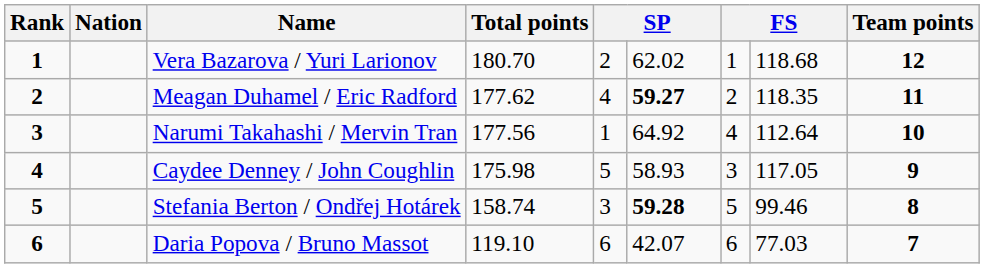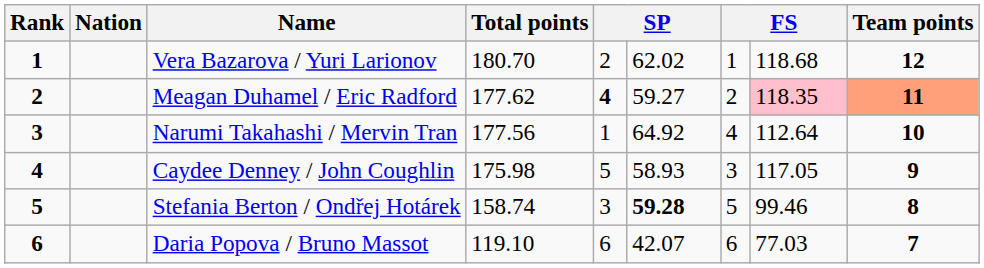 <table class="wikitable sortable">
 <tr>
 <th>Rank</th>
 <th>Nation</th>
 <th>Name</th>
 <th>Total points</th>
 <th colspan="2" width="80px"><a href='#'>SP</a></th>
 <th colspan="2" width="80px"><a href='#'>FS</a></th>
 <th>Team points</th>
 </tr>
 <tr>
 <td align="center"><strong>1</strong></td>
 <td></td>
 <td><a href='#'>Vera Bazarova</a> / <a href='#'>Yuri Larionov</a></td>
 <td>180.70</td>
 <td>2</td>
 <td>62.02</td>
 <td>1</td>
 <td>118.68</td>
 <td align="center"><strong>12</strong></td>
 </tr>
 <tr>
 <td align="center"><strong>2</strong></td>
 <td></td>
 <td><a href='#'>Meagan Duhamel</a> / <a href='#'>Eric Radford</a></td>
 <td>177.62</td>
-<td>4</td>
-<td><strong>59.27</strong></td>
+<td><strong>4</strong></td>
+<td>59.27</td>
 <td>2</td>
-<td>118.35</td>
-<td align="center"><strong>11</strong></td>
+<td style="background: pink;">118.35</td>
+<td align="center" style="background: lightsalmon;"><strong>11</strong></td>
 </tr>
 <tr>
 <td align="center"><strong>3</strong></td>
 <td></td>
 <td><a href='#'>Narumi Takahashi</a> / <a href='#'>Mervin Tran</a></td>
 <td>177.56</td>
 <td>1</td>
 <td>64.92</td>
 <td>4</td>
 <td>112.64</td>
 <td align="center"><strong>10</strong></td>
 </tr>
 <tr>
 <td align="center"><strong>4</strong></td>
 <td></td>
 <td><a href='#'>Caydee Denney</a> / <a href='#'>John Coughlin</a></td>
 <td>175.98</td>
 <td>5</td>
 <td>58.93</td>
 <td>3</td>
 <td>117.05</td>
 <td align="center"><strong>9</strong></td>
 </tr>
 <tr>
 <td align="center"><strong>5</strong></td>
 <td></td>
 <td><a href='#'>Stefania Berton</a> / <a href='#'>Ondřej Hotárek</a></td>
 <td>158.74</td>
 <td>3</td>
 <td><strong>59.28</strong></td>
 <td>5</td>
 <td>99.46</td>
 <td align="center"><strong>8</strong></td>
 </tr>
 <tr>
 <td align="center"><strong>6</strong></td>
 <td></td>
 <td><a href='#'>Daria Popova</a> / <a href='#'>Bruno Massot</a></td>
 <td>119.10</td>
 <td>6</td>
 <td>42.07</td>
 <td>6</td>
 <td>77.03</td>
 <td align="center"><strong>7</strong></td>
 </tr>
 </table>
